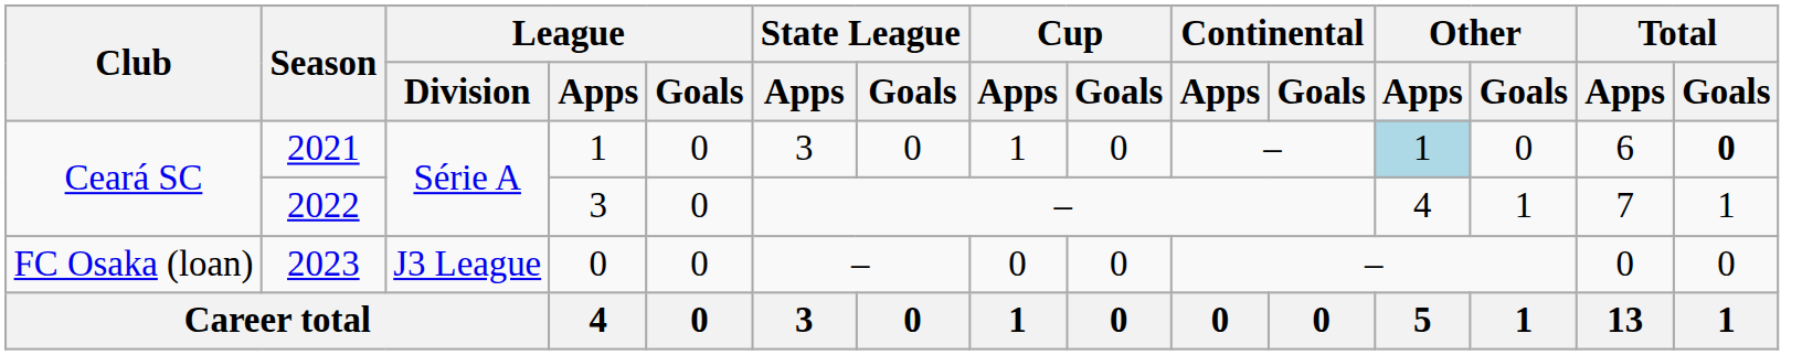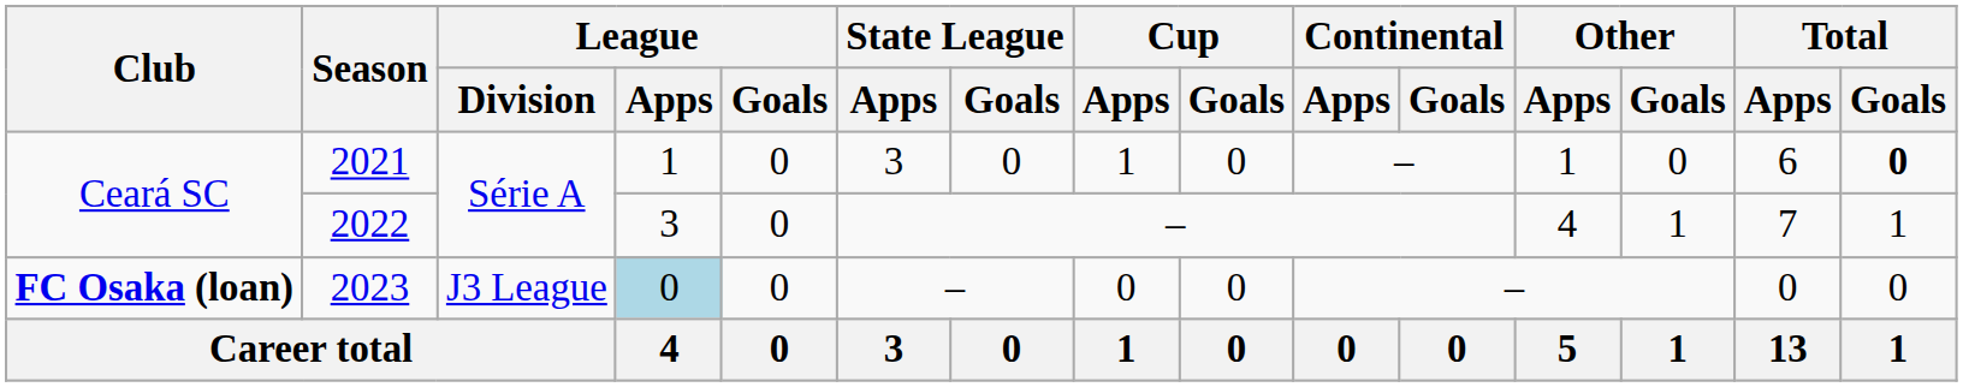 <table class="wikitable" style="text-align: center;">
 <tr>
 <th rowspan="2">Club</th>
 <th rowspan="2">Season</th>
 <th colspan="3">League</th>
 <th colspan="2">State League</th>
 <th colspan="2">Cup</th>
 <th colspan="2">Continental</th>
 <th colspan="2">Other</th>
 <th colspan="2">Total</th>
 </tr>
 <tr>
 <th>Division</th>
 <th>Apps</th>
 <th>Goals</th>
 <th>Apps</th>
 <th>Goals</th>
 <th>Apps</th>
 <th>Goals</th>
 <th>Apps</th>
 <th>Goals</th>
 <th>Apps</th>
 <th>Goals</th>
 <th>Apps</th>
 <th>Goals</th>
 </tr>
 <tr>
 <td rowspan="2" align="center"><a href='#'>Ceará SC</a></td>
 <td><a href='#'>2021</a></td>
 <td rowspan="2"><a href='#'>Série A</a></td>
 <td>1</td>
 <td>0</td>
 <td>3</td>
 <td>0</td>
 <td>1</td>
 <td>0</td>
 <td colspan="2">–</td>
-<td style="background: lightblue;">1</td>
+<td>1</td>
 <td>0</td>
 <td>6</td>
 <td><strong>0</strong></td>
 </tr>
 <tr>
 <td><a href='#'>2022</a></td>
 <td>3</td>
 <td>0</td>
 <td colspan="6">–</td>
 <td>4</td>
 <td>1</td>
 <td>7</td>
 <td>1</td>
 </tr>
 <tr>
-<td align="center"><a href='#'>FC Osaka</a> (loan)</td>
+<td align="center"><strong><a href='#'>FC Osaka</a> (loan)</strong></td>
 <td><a href='#'>2023</a></td>
 <td><a href='#'>J3 League</a></td>
-<td>0</td>
+<td style="background: lightblue;">0</td>
 <td>0</td>
 <td colspan="2">–</td>
 <td>0</td>
 <td>0</td>
 <td colspan="4">–</td>
 <td>0</td>
 <td>0</td>
 </tr>
 <tr>
 <th colspan="3"><strong>Career total</strong></th>
 <th>4</th>
 <th>0</th>
 <th>3</th>
 <th>0</th>
 <th>1</th>
 <th>0</th>
 <th>0</th>
 <th>0</th>
 <th>5</th>
 <th>1</th>
 <th>13</th>
 <th>1</th>
 </tr>
 </table>
